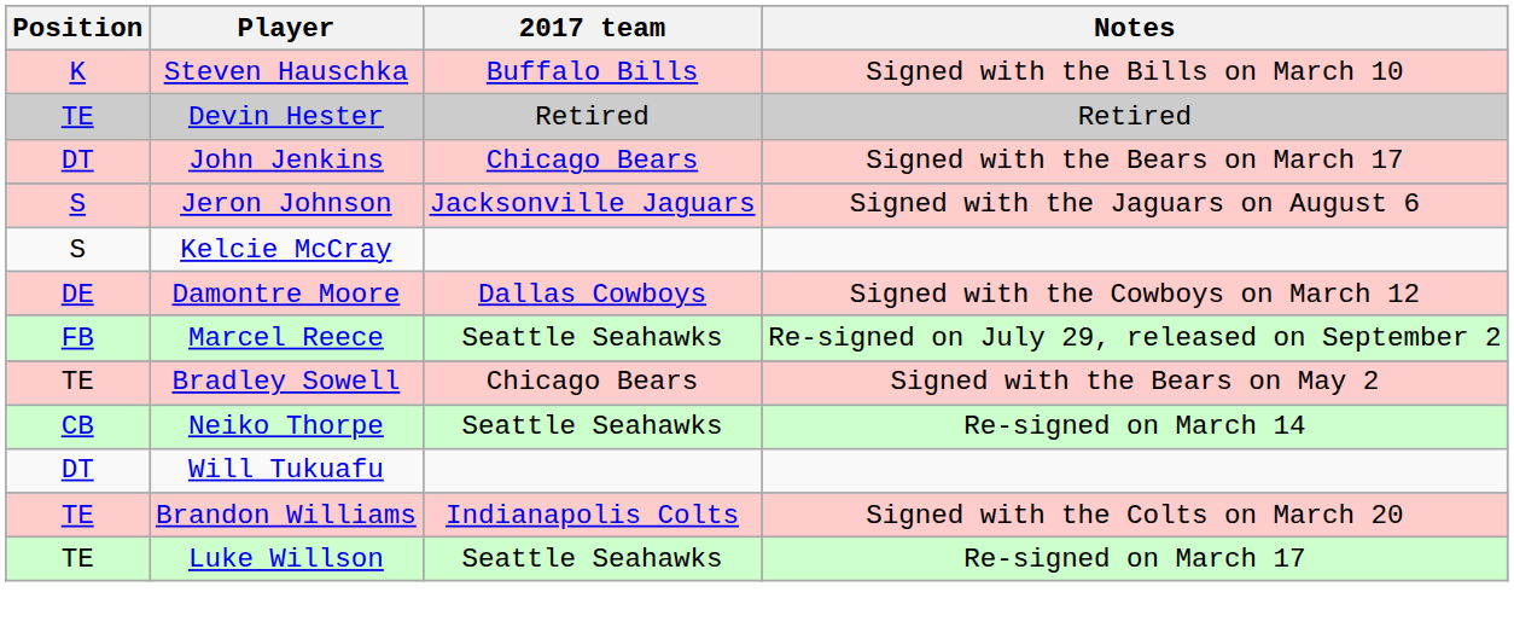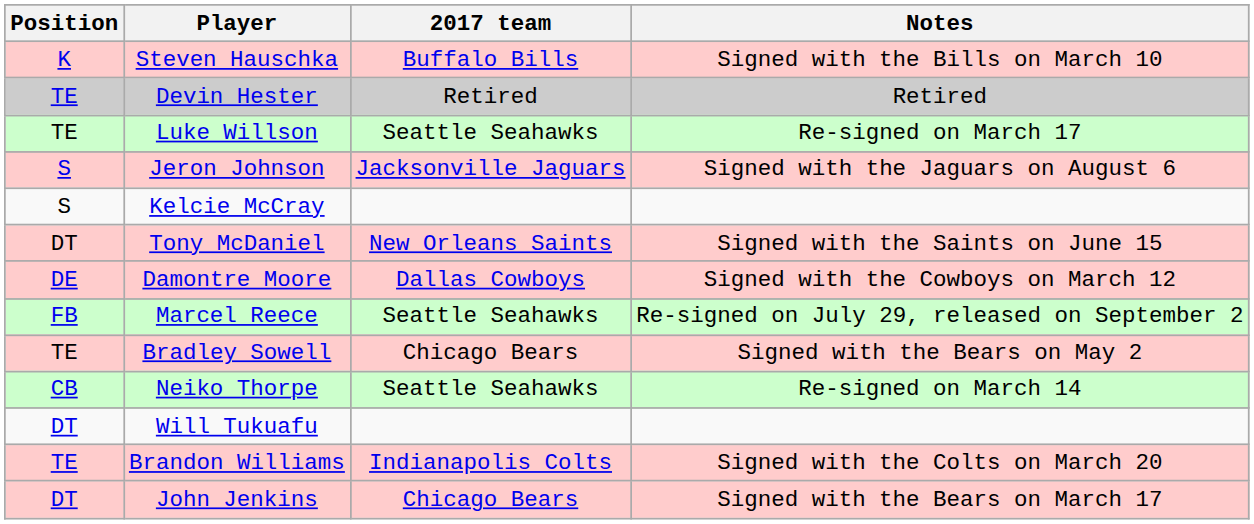 <table class="wikitable" style="text-align:center">
 <tr>
 <th>Position</th>
 <th>Player</th>
 <th>2017 team</th>
 <th>Notes</th>
 </tr>
 <tr style="background:#fcc">
 <td><a href='#'>K</a></td>
 <td><a href='#'>Steven Hauschka</a></td>
 <td><a href='#'>Buffalo Bills</a></td>
 <td>Signed with the Bills on March 10</td>
 </tr>
 <tr style="background:#ccc">
 <td><a href='#'>TE</a></td>
 <td><a href='#'>Devin Hester</a></td>
 <td>Retired</td>
 <td>Retired</td>
 </tr>
-<tr style="background:#fcc">
-<td><a href='#'>DT</a></td>
-<td><a href='#'>John Jenkins</a></td>
-<td><a href='#'>Chicago Bears</a></td>
-<td>Signed with the Bears on March 17</td>
+<tr style="background:#cfc">
+<td>TE</td>
+<td><a href='#'>Luke Willson</a></td>
+<td>Seattle Seahawks</td>
+<td>Re-signed on March 17</td>
 </tr>
 <tr style="background:#fcc">
 <td><a href='#'>S</a></td>
 <td><a href='#'>Jeron Johnson</a></td>
 <td><a href='#'>Jacksonville Jaguars</a></td>
 <td>Signed with the Jaguars on August 6</td>
 </tr>
 <tr style="background:#">
 <td>S</td>
 <td><a href='#'>Kelcie McCray</a></td>
 <td></td>
 <td></td>
+</tr>
+<tr style="background:#fcc">
+<td>DT</td>
+<td><a href='#'>Tony McDaniel</a></td>
+<td><a href='#'>New Orleans Saints</a></td>
+<td>Signed with the Saints on June 15</td>
 </tr>
 <tr style="background:#fcc">
 <td><a href='#'>DE</a></td>
 <td><a href='#'>Damontre Moore</a></td>
 <td><a href='#'>Dallas Cowboys</a></td>
 <td>Signed with the Cowboys on March 12</td>
 </tr>
 <tr style="background:#cfc">
 <td><a href='#'>FB</a></td>
 <td><a href='#'>Marcel Reece</a></td>
 <td>Seattle Seahawks</td>
 <td>Re-signed on July 29, released on September 2</td>
 </tr>
 <tr style="background:#fcc">
 <td>TE</td>
 <td><a href='#'>Bradley Sowell</a></td>
 <td>Chicago Bears</td>
 <td>Signed with the Bears on May 2</td>
 </tr>
 <tr style="background:#cfc">
 <td><a href='#'>CB</a></td>
 <td><a href='#'>Neiko Thorpe</a></td>
 <td>Seattle Seahawks</td>
 <td>Re-signed on March 14</td>
 </tr>
 <tr style="background:#">
 <td><a href='#'>DT</a></td>
 <td><a href='#'>Will Tukuafu</a></td>
 <td></td>
 <td></td>
 </tr>
 <tr style="background:#fcc">
 <td><a href='#'>TE</a></td>
 <td><a href='#'>Brandon Williams</a></td>
 <td><a href='#'>Indianapolis Colts</a></td>
 <td>Signed with the Colts on March 20</td>
 </tr>
-<tr style="background:#cfc">
-<td>TE</td>
-<td><a href='#'>Luke Willson</a></td>
-<td>Seattle Seahawks</td>
-<td>Re-signed on March 17</td>
+<tr style="background:#fcc">
+<td><a href='#'>DT</a></td>
+<td><a href='#'>John Jenkins</a></td>
+<td><a href='#'>Chicago Bears</a></td>
+<td>Signed with the Bears on March 17</td>
 </tr>
 </table>
